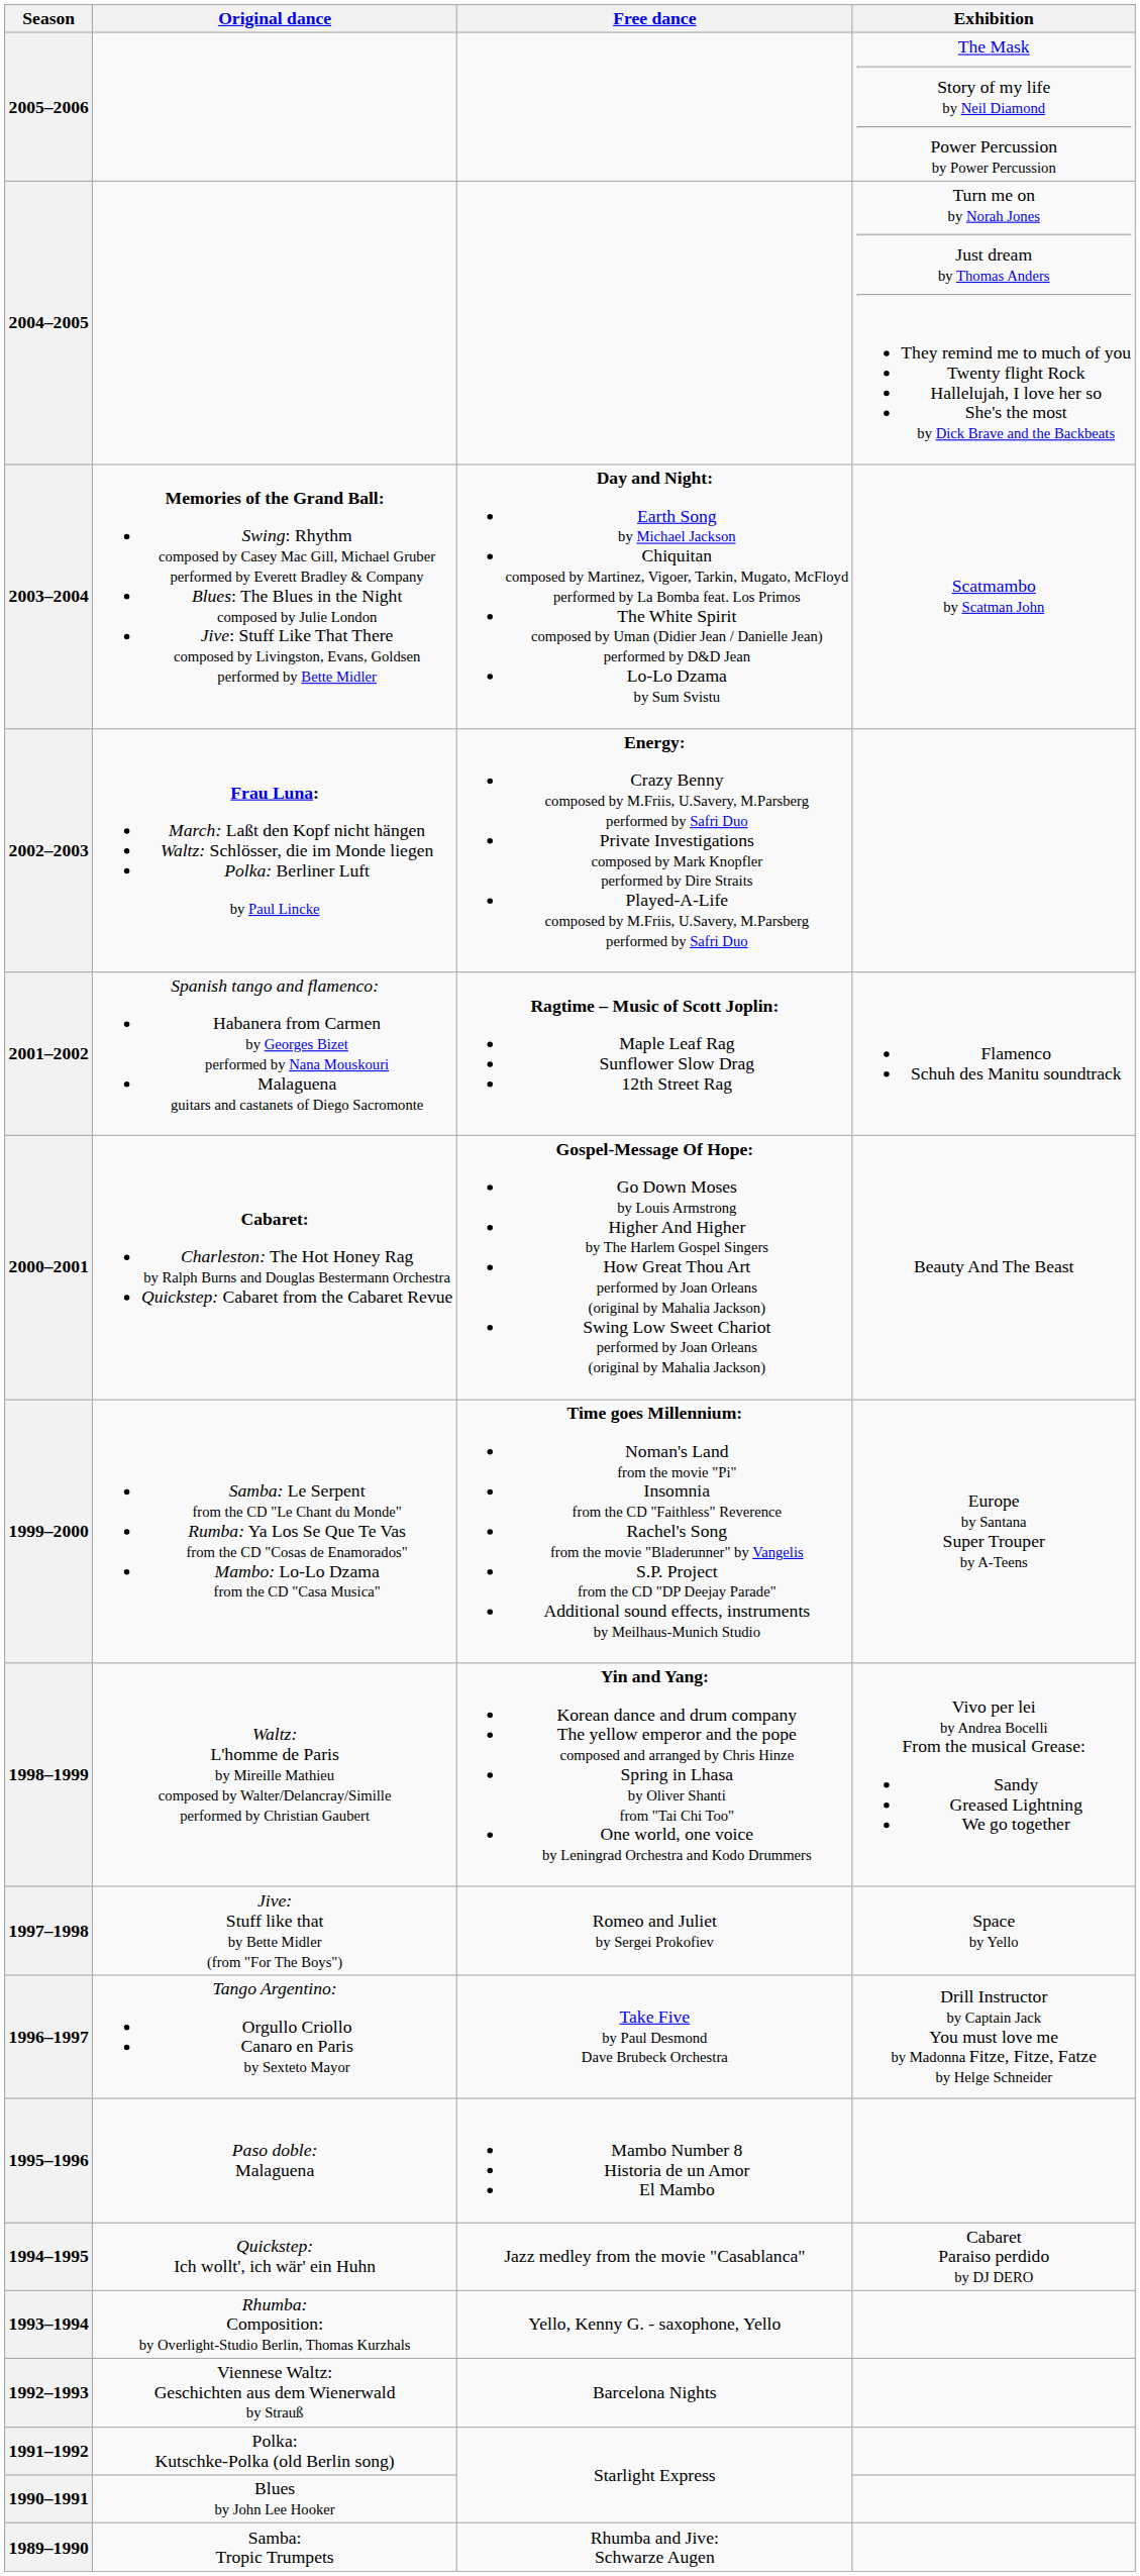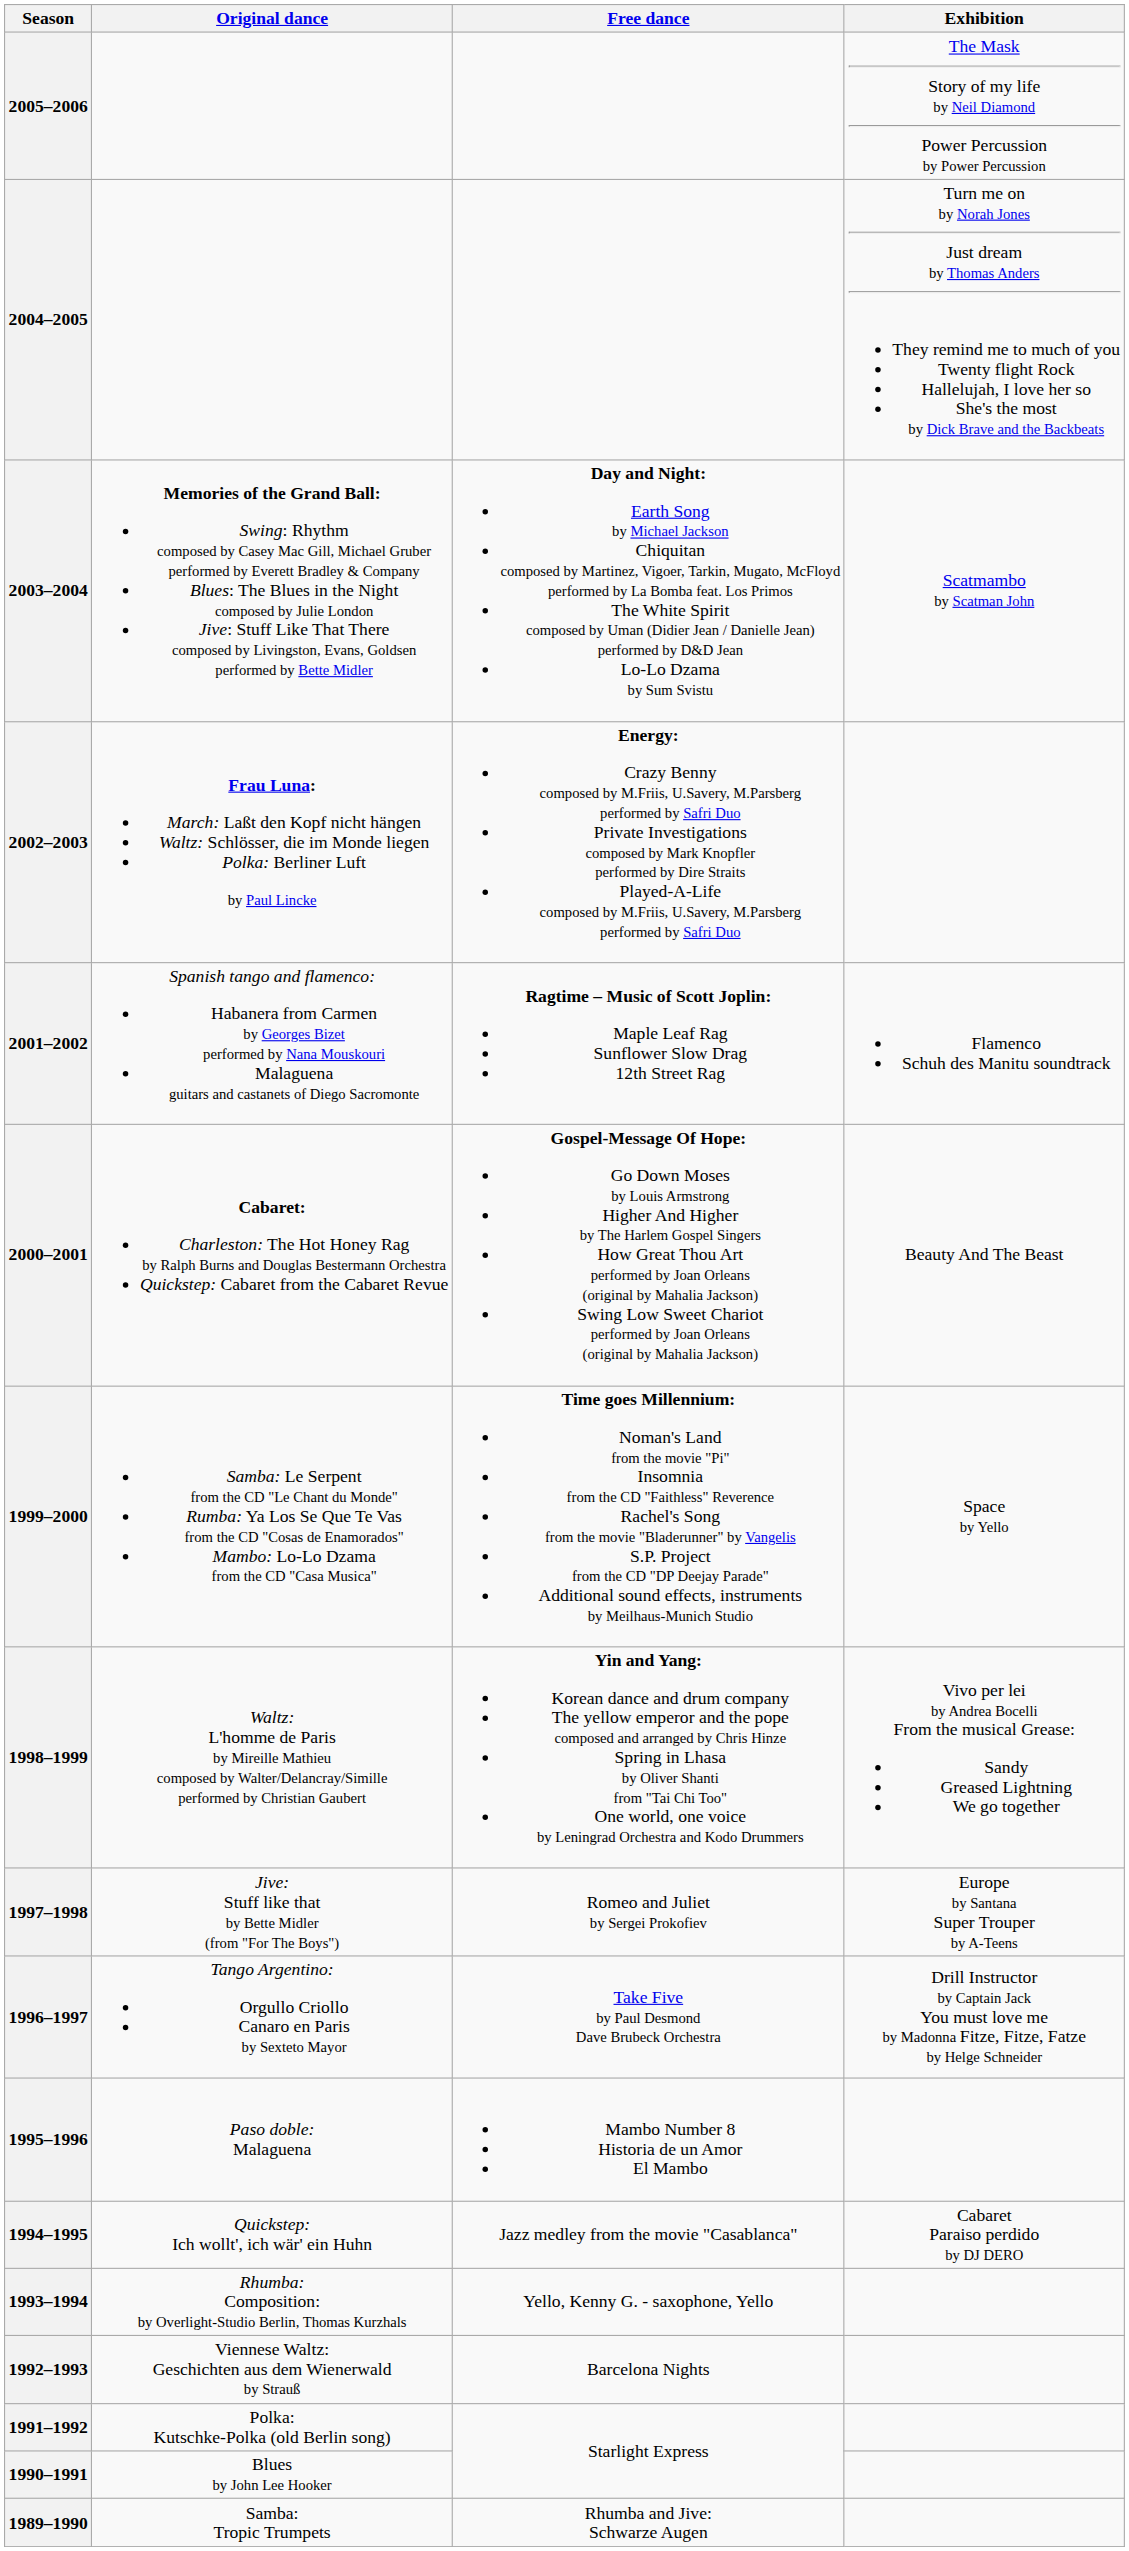 <table class="wikitable" style="text-align:center">
 <tr>
 <th>Season</th>
 <th><a href='#'>Original dance</a></th>
 <th><a href='#'>Free dance</a></th>
 <th>Exhibition</th>
 </tr>
 <tr>
 <th>2005–2006</th>
 <td></td>
 <td></td>
 <td><a href='#'>The Mask</a> <hr> Story of my life <br><small> by <a href='#'>Neil Diamond</a> </small> <hr> Power Percussion <br><small> by Power Percussion</small></td>
 </tr>
 <tr>
 <th>2004–2005</th>
 <td></td>
 <td></td>
 <td>Turn me on <br><small> by <a href='#'>Norah Jones</a> </small> <hr> Just dream <br><small> by <a href='#'>Thomas Anders</a> </small> <hr><br><ul><li>They remind me to much of you</li><li>Twenty flight Rock</li><li>Hallelujah, I love her so</li><li>She's the most <br><small> by <a href='#'>Dick Brave and the Backbeats</a></small></li></ul></td>
 </tr>
 <tr>
 <th>2003–2004</th>
 <td><strong>Memories of the Grand Ball:</strong><br><ul><li><em>Swing</em>: Rhythm <br><small> composed by Casey Mac Gill, Michael Gruber <br>performed by Everett Bradley & Company </small></li><li><em>Blues</em>: The Blues in the Night <br><small> composed by Julie London </small></li><li><em>Jive</em>: Stuff Like That There <br><small>composed by Livingston, Evans, Goldsen <br> performed by <a href='#'>Bette Midler</a></small></li></ul></td>
 <td><strong>Day and Night:</strong><br><ul><li><a href='#'>Earth Song</a> <br><small> by <a href='#'>Michael Jackson</a> </small></li><li>Chiquitan <br><small> composed by Martinez, Vigoer, Tarkin, Mugato, McFloyd <br>performed by La Bomba feat. Los Primos </small></li><li>The White Spirit <br><small> composed by Uman (Didier Jean / Danielle Jean) <br> performed by D&D Jean </small></li><li>Lo-Lo Dzama <br><small> by Sum Svistu </small></li></ul></td>
 <td><a href='#'>Scatmambo</a> <br><small> by <a href='#'>Scatman John</a> </small></td>
 </tr>
 <tr>
 <th>2002–2003</th>
 <td><strong><a href='#'>Frau Luna</a>:</strong><br><ul><li><em>March:</em> Laßt den Kopf nicht hängen</li><li><em>Waltz:</em> Schlösser, die im Monde liegen</li><li><em>Polka:</em> Berliner Luft</li></ul><small> by <a href='#'>Paul Lincke</a></small></td>
 <td><strong>Energy:</strong><br><ul><li>Crazy Benny <br><small> composed by M.Friis, U.Savery, M.Parsberg <br> performed by <a href='#'>Safri Duo</a> </small></li><li>Private Investigations <br><small> composed by Mark Knopfler <br> performed by Dire Straits </small></li><li>Played-A-Life <br><small> composed by M.Friis, U.Savery, M.Parsberg <br> performed by <a href='#'>Safri Duo</a> </small></li></ul></td>
 <td></td>
 </tr>
 <tr>
 <th>2001–2002</th>
 <td><em>Spanish tango and flamenco:</em><br><ul><li>Habanera from Carmen <br><small> by <a href='#'>Georges Bizet</a> <br> performed by <a href='#'>Nana Mouskouri</a> </small></li><li>Malaguena <br><small> guitars and castanets of Diego Sacromonte </small></li></ul></td>
 <td><strong>Ragtime – Music of Scott Joplin:</strong><br><ul><li>Maple Leaf Rag</li><li>Sunflower Slow Drag</li><li>12th Street Rag</li></ul></td>
 <td><br><ul><li>Flamenco</li><li>Schuh des Manitu soundtrack</li></ul></td>
 </tr>
 <tr>
 <th>2000–2001</th>
 <td><strong>Cabaret:</strong><br><ul><li><em>Charleston:</em> The Hot Honey Rag <br><small> by Ralph Burns and Douglas Bestermann Orchestra </small></li><li><em>Quickstep:</em> Cabaret from the Cabaret Revue</li></ul></td>
 <td><strong>Gospel-Message Of Hope:</strong><br><ul><li>Go Down Moses <br><small> by Louis Armstrong </small></li><li>Higher And Higher <br><small> by The Harlem Gospel Singers </small></li><li>How Great Thou Art <br><small> performed by Joan Orleans <br> (original by Mahalia Jackson) </small></li><li>Swing Low Sweet Chariot <br><small> performed by Joan Orleans <br> (original by Mahalia Jackson) </small></li></ul></td>
 <td>Beauty And The Beast</td>
 </tr>
 <tr>
 <th>1999–2000</th>
 <td><br><ul><li><em>Samba:</em> Le Serpent <br><small> from the CD "Le Chant du Monde" </small></li><li><em>Rumba:</em> Ya Los Se Que Te Vas <br><small> from the CD "Cosas de Enamorados" </small></li><li><em>Mambo:</em> Lo-Lo Dzama <br><small> from the CD "Casa Musica" </small></li></ul></td>
 <td><strong>Time goes Millennium:</strong><br><ul><li>Noman's Land <br><small> from the movie "Pi" </small></li><li>Insomnia <br><small> from the CD "Faithless" Reverence </small></li><li>Rachel's Song <br><small> from the movie "Bladerunner" by <a href='#'>Vangelis</a> </small></li><li>S.P. Project <br><small> from the CD "DP Deejay Parade" </small></li><li>Additional sound effects, instruments <br><small> by Meilhaus-Munich Studio </small></li></ul></td>
-<td>Europe <br><small> by Santana </small><br>Super Trouper <br><small> by A-Teens </small></td>
+<td>Space <br><small> by Yello </small></td>
 </tr>
 <tr>
 <th>1998–1999</th>
 <td><em>Waltz:</em> <br> L'homme de Paris <br><small> by Mireille Mathieu <br> composed by Walter/Delancray/Simille <br> performed by Christian Gaubert </small></td>
 <td><strong>Yin and Yang:</strong><br><ul><li>Korean dance and drum company</li><li>The yellow emperor and the pope <br><small> composed and arranged by Chris Hinze </small></li><li>Spring in Lhasa <br><small> by Oliver Shanti <br> from "Tai Chi Too" </small></li><li>One world, one voice <br><small> by Leningrad Orchestra and Kodo Drummers </small></li></ul></td>
 <td>Vivo per lei <br><small> by Andrea Bocelli </small><br>From the musical Grease:<ul><li>Sandy</li><li>Greased Lightning</li><li>We go together</li></ul></td>
 </tr>
 <tr>
 <th>1997–1998</th>
 <td><em>Jive:</em> <br> Stuff like that <br><small> by Bette Midler <br> (from "For The Boys") </small></td>
 <td>Romeo and Juliet <br><small> by Sergei Prokofiev </small></td>
-<td>Space <br><small> by Yello </small></td>
+<td>Europe <br><small> by Santana </small><br>Super Trouper <br><small> by A-Teens </small></td>
 </tr>
 <tr>
 <th>1996–1997</th>
 <td><em>Tango Argentino:</em><br><ul><li>Orgullo Criollo</li><li>Canaro en Paris <br><small> by Sexteto Mayor </small></li></ul></td>
 <td><a href='#'>Take Five</a> <br><small> by Paul Desmond <br> Dave Brubeck Orchestra </small></td>
 <td>Drill Instructor <br><small> by Captain Jack </small><br>You must love me <br><small> by Madonna </small>Fitze, Fitze, Fatze <br><small> by Helge Schneider </small></td>
 </tr>
 <tr>
 <th>1995–1996</th>
 <td><em>Paso doble:</em> <br> Malaguena</td>
 <td><br><ul><li>Mambo Number 8</li><li>Historia de un Amor</li><li>El Mambo</li></ul></td>
 <td></td>
 </tr>
 <tr>
 <th>1994–1995</th>
 <td><em>Quickstep:</em> <br> Ich wollt', ich wär' ein Huhn</td>
 <td>Jazz medley from the movie "Casablanca"</td>
 <td>Cabaret<br>Paraiso perdido <br><small> by DJ DERO </small></td>
 </tr>
 <tr>
 <th>1993–1994</th>
 <td><em>Rhumba:</em> <br> Composition: <br><small> by Overlight-Studio Berlin, Thomas Kurzhals</small></td>
 <td>Yello, Kenny G. - saxophone, Yello</td>
 <td></td>
 </tr>
 <tr>
 <th>1992–1993</th>
 <td>Viennese Waltz: <br> Geschichten aus dem Wienerwald <br><small> by Strauß</small></td>
 <td>Barcelona Nights</td>
 <td></td>
 </tr>
 <tr>
 <th>1991–1992</th>
 <td>Polka: <br> Kutschke-Polka (old Berlin song)</td>
 <td rowspan=2>Starlight Express</td>
 <td></td>
 </tr>
 <tr>
 <th>1990–1991</th>
 <td>Blues <br><small> by John Lee Hooker</small></td>
 <td></td>
 </tr>
 <tr>
 <th>1989–1990</th>
 <td>Samba: <br> Tropic Trumpets</td>
 <td>Rhumba and Jive: <br> Schwarze Augen</td>
 <td></td>
 </tr>
 </table>
